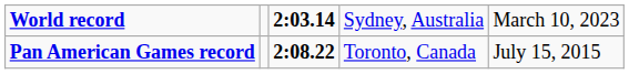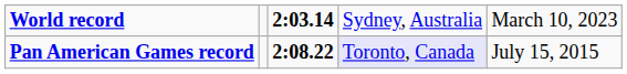 <table class="wikitable">
 <tr>
 <td><strong><a href='#'>World record</a></strong></td>
 <td></td>
 <td><strong>2:03.14</strong></td>
 <td><a href='#'>Sydney</a>, <a href='#'>Australia</a></td>
 <td>March 10, 2023</td>
 </tr>
 <tr>
 <td><strong><a href='#'>Pan American Games record</a></strong></td>
 <td></td>
 <td><strong>2:08.22</strong></td>
-<td><a href='#'>Toronto</a>, <a href='#'>Canada</a></td>
+<td style="background: lavender;"><a href='#'>Toronto</a>, <a href='#'>Canada</a></td>
 <td>July 15, 2015</td>
 </tr>
 </table>
